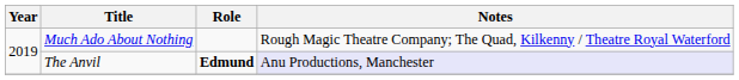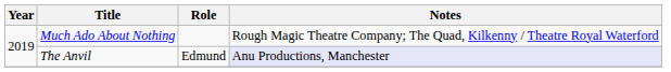 <table class="wikitable sortable">
 <tr>
 <th>Year</th>
 <th>Title</th>
 <th>Role</th>
 <th class="unsortable">Notes</th>
 </tr>
 <tr>
 <td rowspan="2">2019</td>
 <td><em><a href='#'>Much Ado About Nothing</a></em></td>
 <td></td>
 <td>Rough Magic Theatre Company; The Quad, <a href='#'>Kilkenny</a> / <a href='#'>Theatre Royal Waterford</a></td>
 </tr>
 <tr>
 <td><em>The Anvil</em></td>
-<td><strong>Edmund</strong></td>
+<td>Edmund</td>
 <td style="background: lavender;">Anu Productions, Manchester</td>
 </tr>
 <tr>
 </tr>
 </table>
